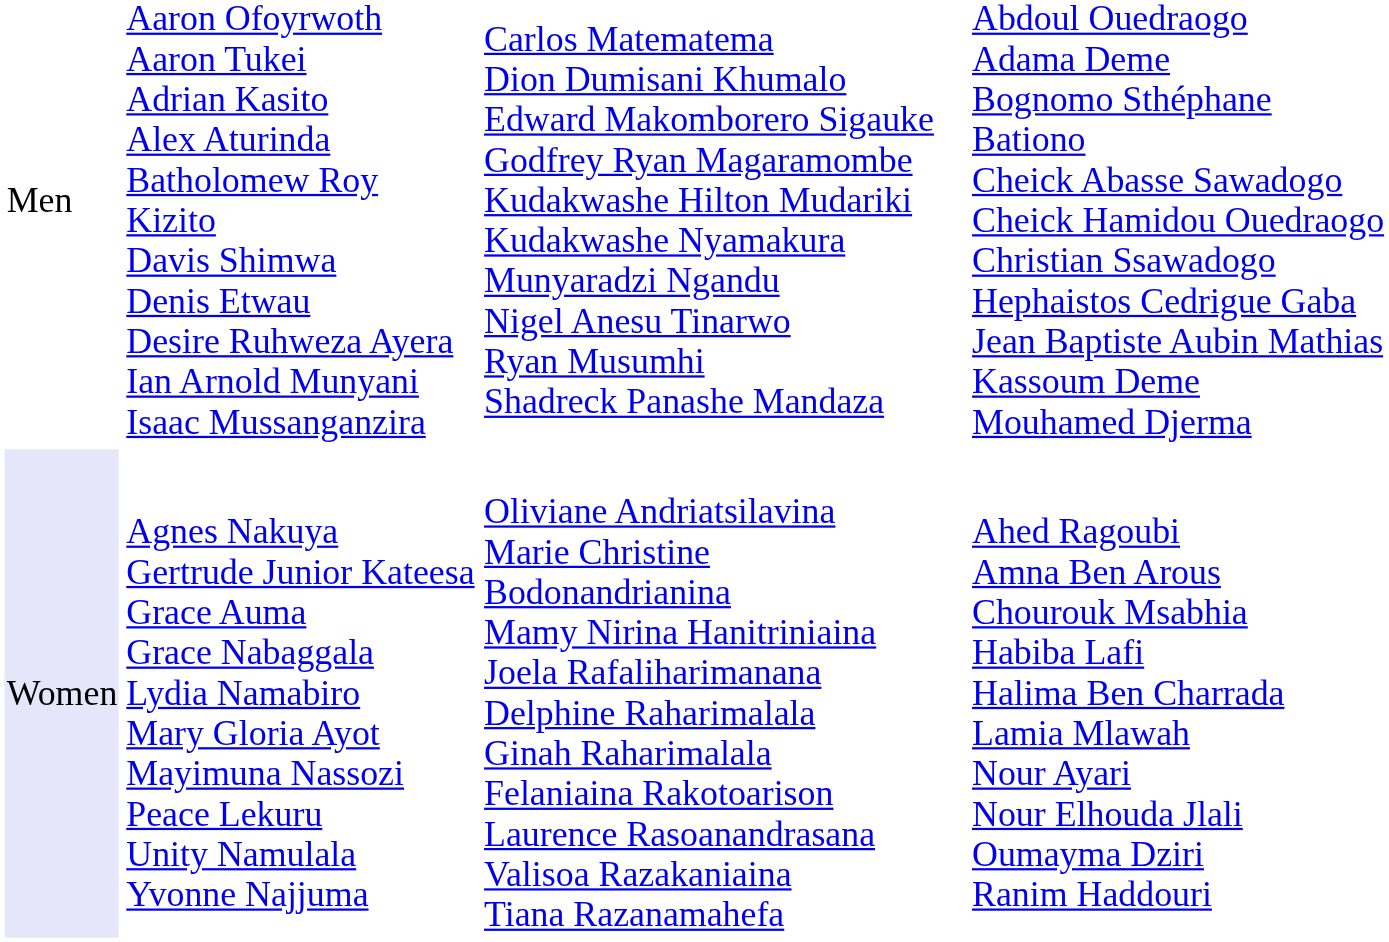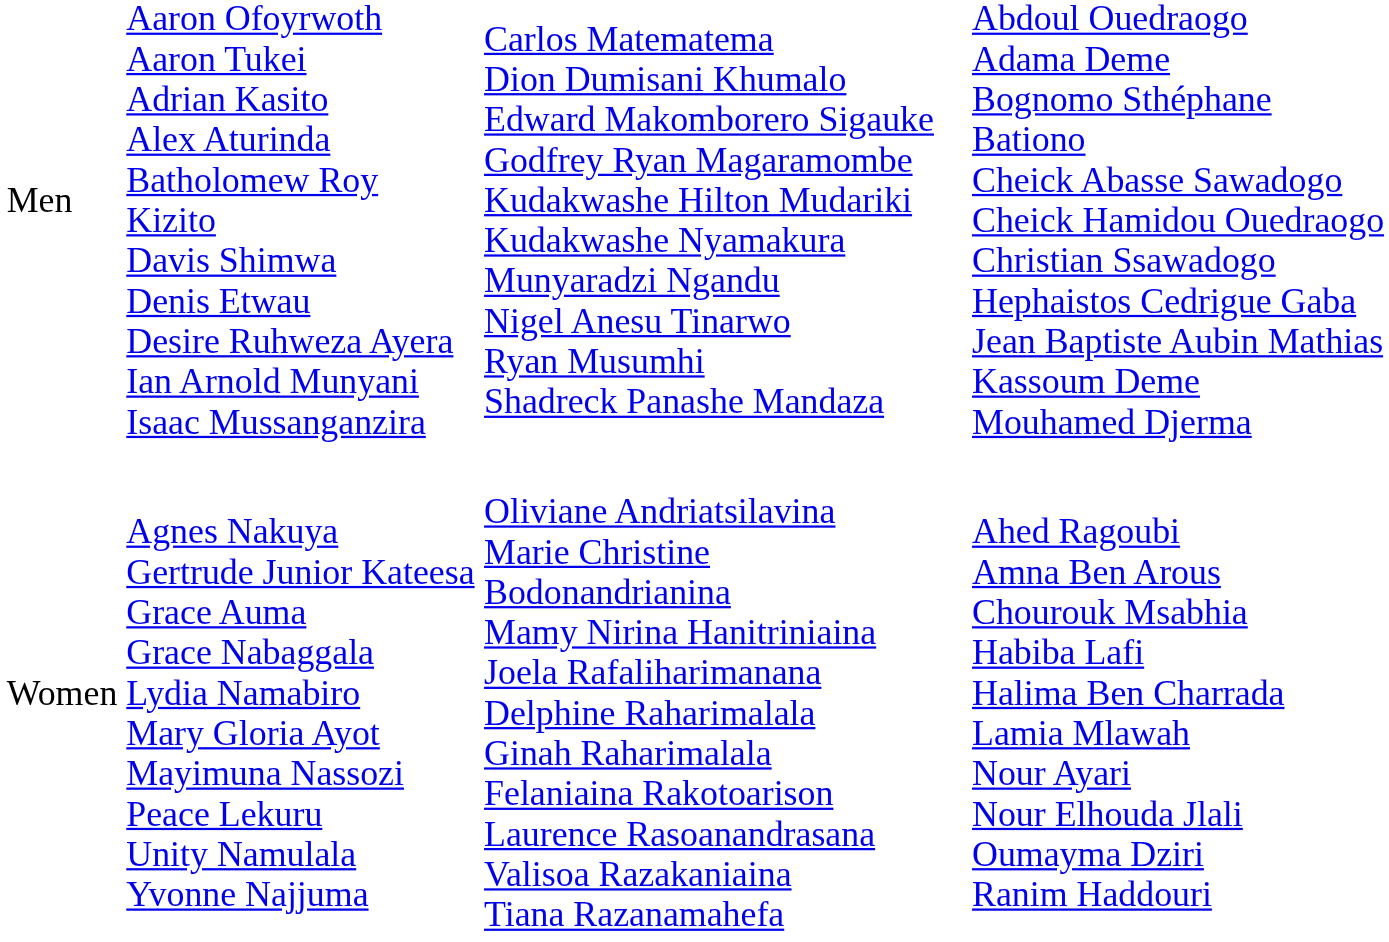 <table>
 <tr>
 <td>Men<br></td>
 <td><br><a href='#'>Aaron Ofoyrwoth</a><br><a href='#'>Aaron Tukei</a><br><a href='#'>Adrian Kasito</a><br><a href='#'>Alex Aturinda</a><br><a href='#'>Batholomew Roy Kizito</a><br><a href='#'>Davis Shimwa</a><br><a href='#'>Denis Etwau</a><br><a href='#'>Desire Ruhweza Ayera</a><br><a href='#'>Ian Arnold Munyani</a><br><a href='#'>Isaac Mussanganzira</a></td>
 <td><br><a href='#'>Carlos Matematema</a><br><a href='#'>Dion Dumisani Khumalo</a><br><a href='#'>Edward Makomborero Sigauke</a><br><a href='#'>Godfrey Ryan Magaramombe</a><br><a href='#'>Kudakwashe Hilton Mudariki</a><br><a href='#'>Kudakwashe Nyamakura</a><br><a href='#'>Munyaradzi Ngandu</a><br><a href='#'>Nigel Anesu Tinarwo</a><br><a href='#'>Ryan Musumhi</a><br><a href='#'>Shadreck Panashe Mandaza</a></td>
 <td><br><a href='#'>Abdoul Ouedraogo</a><br><a href='#'>Adama Deme</a><br><a href='#'>Bognomo Sthéphane Bationo</a><br><a href='#'>Cheick Abasse Sawadogo</a><br><a href='#'>Cheick Hamidou Ouedraogo</a><br><a href='#'>Christian Ssawadogo</a><br><a href='#'>Hephaistos Cedrigue Gaba</a><br><a href='#'>Jean Baptiste Aubin Mathias</a><br><a href='#'>Kassoum Deme</a><br><a href='#'>Mouhamed Djerma</a></td>
 </tr>
 <tr>
-<td style="background: lavender;">Women<br></td>
+<td>Women<br></td>
 <td><br><a href='#'>Agnes Nakuya</a><br><a href='#'>Gertrude Junior Kateesa</a><br><a href='#'>Grace Auma</a><br><a href='#'>Grace Nabaggala</a><br><a href='#'>Lydia Namabiro</a><br><a href='#'>Mary Gloria Ayot</a><br><a href='#'>Mayimuna Nassozi</a><br><a href='#'>Peace Lekuru</a><br><a href='#'>Unity Namulala</a><br><a href='#'>Yvonne Najjuma</a><br></td>
 <td><br><a href='#'>Oliviane Andriatsilavina</a><br><a href='#'>Marie Christine Bodonandrianina</a><br><a href='#'>Mamy Nirina Hanitriniaina</a><br><a href='#'>Joela Rafaliharimanana</a><br><a href='#'>Delphine Raharimalala</a><br><a href='#'>Ginah Raharimalala</a><br><a href='#'>Felaniaina Rakotoarison</a><br><a href='#'>Laurence Rasoanandrasana</a><br><a href='#'>Valisoa Razakaniaina</a><br><a href='#'>Tiana Razanamahefa</a></td>
 <td><br><a href='#'>Ahed Ragoubi</a><br><a href='#'>Amna Ben Arous</a><br><a href='#'>Chourouk Msabhia</a><br><a href='#'>Habiba Lafi</a><br><a href='#'>Halima Ben Charrada</a><br><a href='#'>Lamia Mlawah</a><br><a href='#'>Nour Ayari</a><br><a href='#'>Nour Elhouda Jlali</a><br><a href='#'>Oumayma Dziri</a><br><a href='#'>Ranim Haddouri</a><br></td>
 </tr>
 </table>
